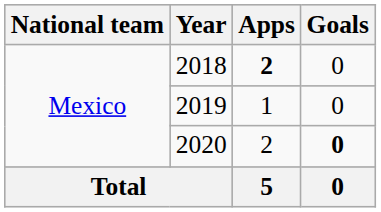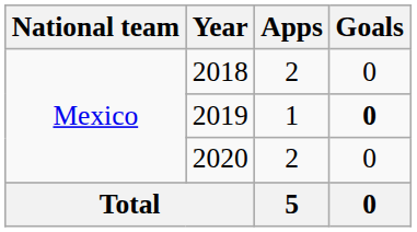 <table class="wikitable" style="text-align: center;">
 <tr>
 <th>National team</th>
 <th>Year</th>
 <th>Apps</th>
 <th>Goals</th>
 </tr>
 <tr>
 <td rowspan="3" valign="center"><a href='#'>Mexico</a></td>
 <td>2018</td>
-<td><strong>2</strong></td>
+<td>2</td>
 <td>0</td>
 </tr>
 <tr>
 <td>2019</td>
 <td>1</td>
-<td>0</td>
+<td><strong>0</strong></td>
 </tr>
 <tr>
 <td>2020</td>
 <td>2</td>
-<td><strong>0</strong></td>
+<td>0</td>
 </tr>
 <tr>
 <th colspan="2">Total</th>
 <th>5</th>
 <th>0</th>
 </tr>
 </table>
